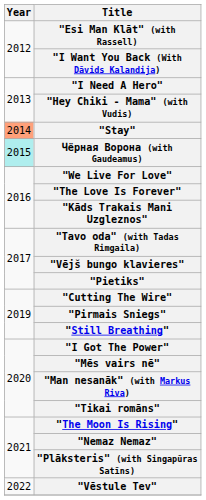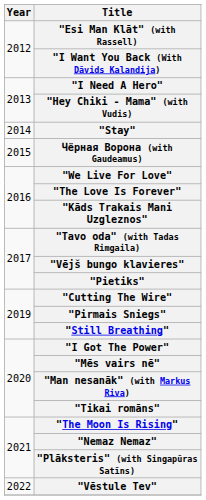 <table class="wikitable plainrowheaders" style="text-align:center;">
 <tr>
 <th scope="col" style="width:1em;">Year</th>
 <th scope="col" style="width:16em;">Title</th>
 </tr>
 <tr>
 <td rowspan="2">2012</td>
 <th scope="row">"Esi Man Klāt" <small>(with Rassell)</small></th>
 </tr>
 <tr>
 <th scope="row">"I Want You Back <small>(With <a href='#'>Dāvids Kalandija</a>)</small></th>
 </tr>
 <tr>
 <td rowspan="2">2013</td>
 <th scope="row">"I Need A Hero"</th>
 </tr>
 <tr>
 <th scope="row">"Hey Chiki - Mama" <small>(with Vudis)</small></th>
 </tr>
 <tr>
-<td style="background: lightsalmon;">2014</td>
+<td>2014</td>
 <th scope="row">"Stay"</th>
 </tr>
 <tr>
-<td style="background: paleturquoise;">2015</td>
+<td>2015</td>
 <th scope="row">Чёрная Bорона <small>(with Gaudeamus)</small></th>
 </tr>
 <tr>
 <td rowspan="3">2016</td>
 <th scope="row">"We Live For Love"</th>
 </tr>
 <tr>
 <th scope="row">"The Love Is Forever"</th>
 </tr>
 <tr>
 <th scope="row">"Kāds Trakais Mani Uzgleznos"</th>
 </tr>
 <tr>
 <td rowspan="3">2017</td>
 <th scope="row">"Tavo oda" <small>(with Tadas Rimgaila)</small></th>
 </tr>
 <tr>
 <th scope="row">"Vējš bungo klavieres"</th>
 </tr>
 <tr>
 <th scope="row">"Pietiks"</th>
 </tr>
 <tr>
 <td rowspan="3">2019</td>
 <th scope="row">"Cutting The Wire"</th>
 </tr>
 <tr>
 <th scope="row">"Pirmais Sniegs"</th>
 </tr>
 <tr>
 <th scope="row">"<a href='#'>Still Breathing</a>"</th>
 </tr>
 <tr>
 <td rowspan="4">2020</td>
 <th scope="row">"I Got The Power"</th>
 </tr>
 <tr>
 <th scope="row">"Mēs vairs nē"</th>
 </tr>
 <tr>
 <th scope="row">"Man nesanāk" <small>(with <a href='#'>Markus Riva</a>)</small></th>
 </tr>
 <tr>
 <th scope="row">"Tikai romāns"</th>
 </tr>
 <tr>
 <td rowspan="3">2021</td>
 <th scope="row">"<a href='#'>The Moon Is Rising</a>"</th>
 </tr>
 <tr>
 <th scope="row">"Nemaz Nemaz"</th>
 </tr>
 <tr>
 <th scope="row">"Plāksteris" <small>(with Singapūras Satīns)</small></th>
 </tr>
 <tr>
 <td>2022</td>
 <th scope="row">"Vēstule Tev"</th>
 </tr>
 <tr>
 </tr>
 </table>
